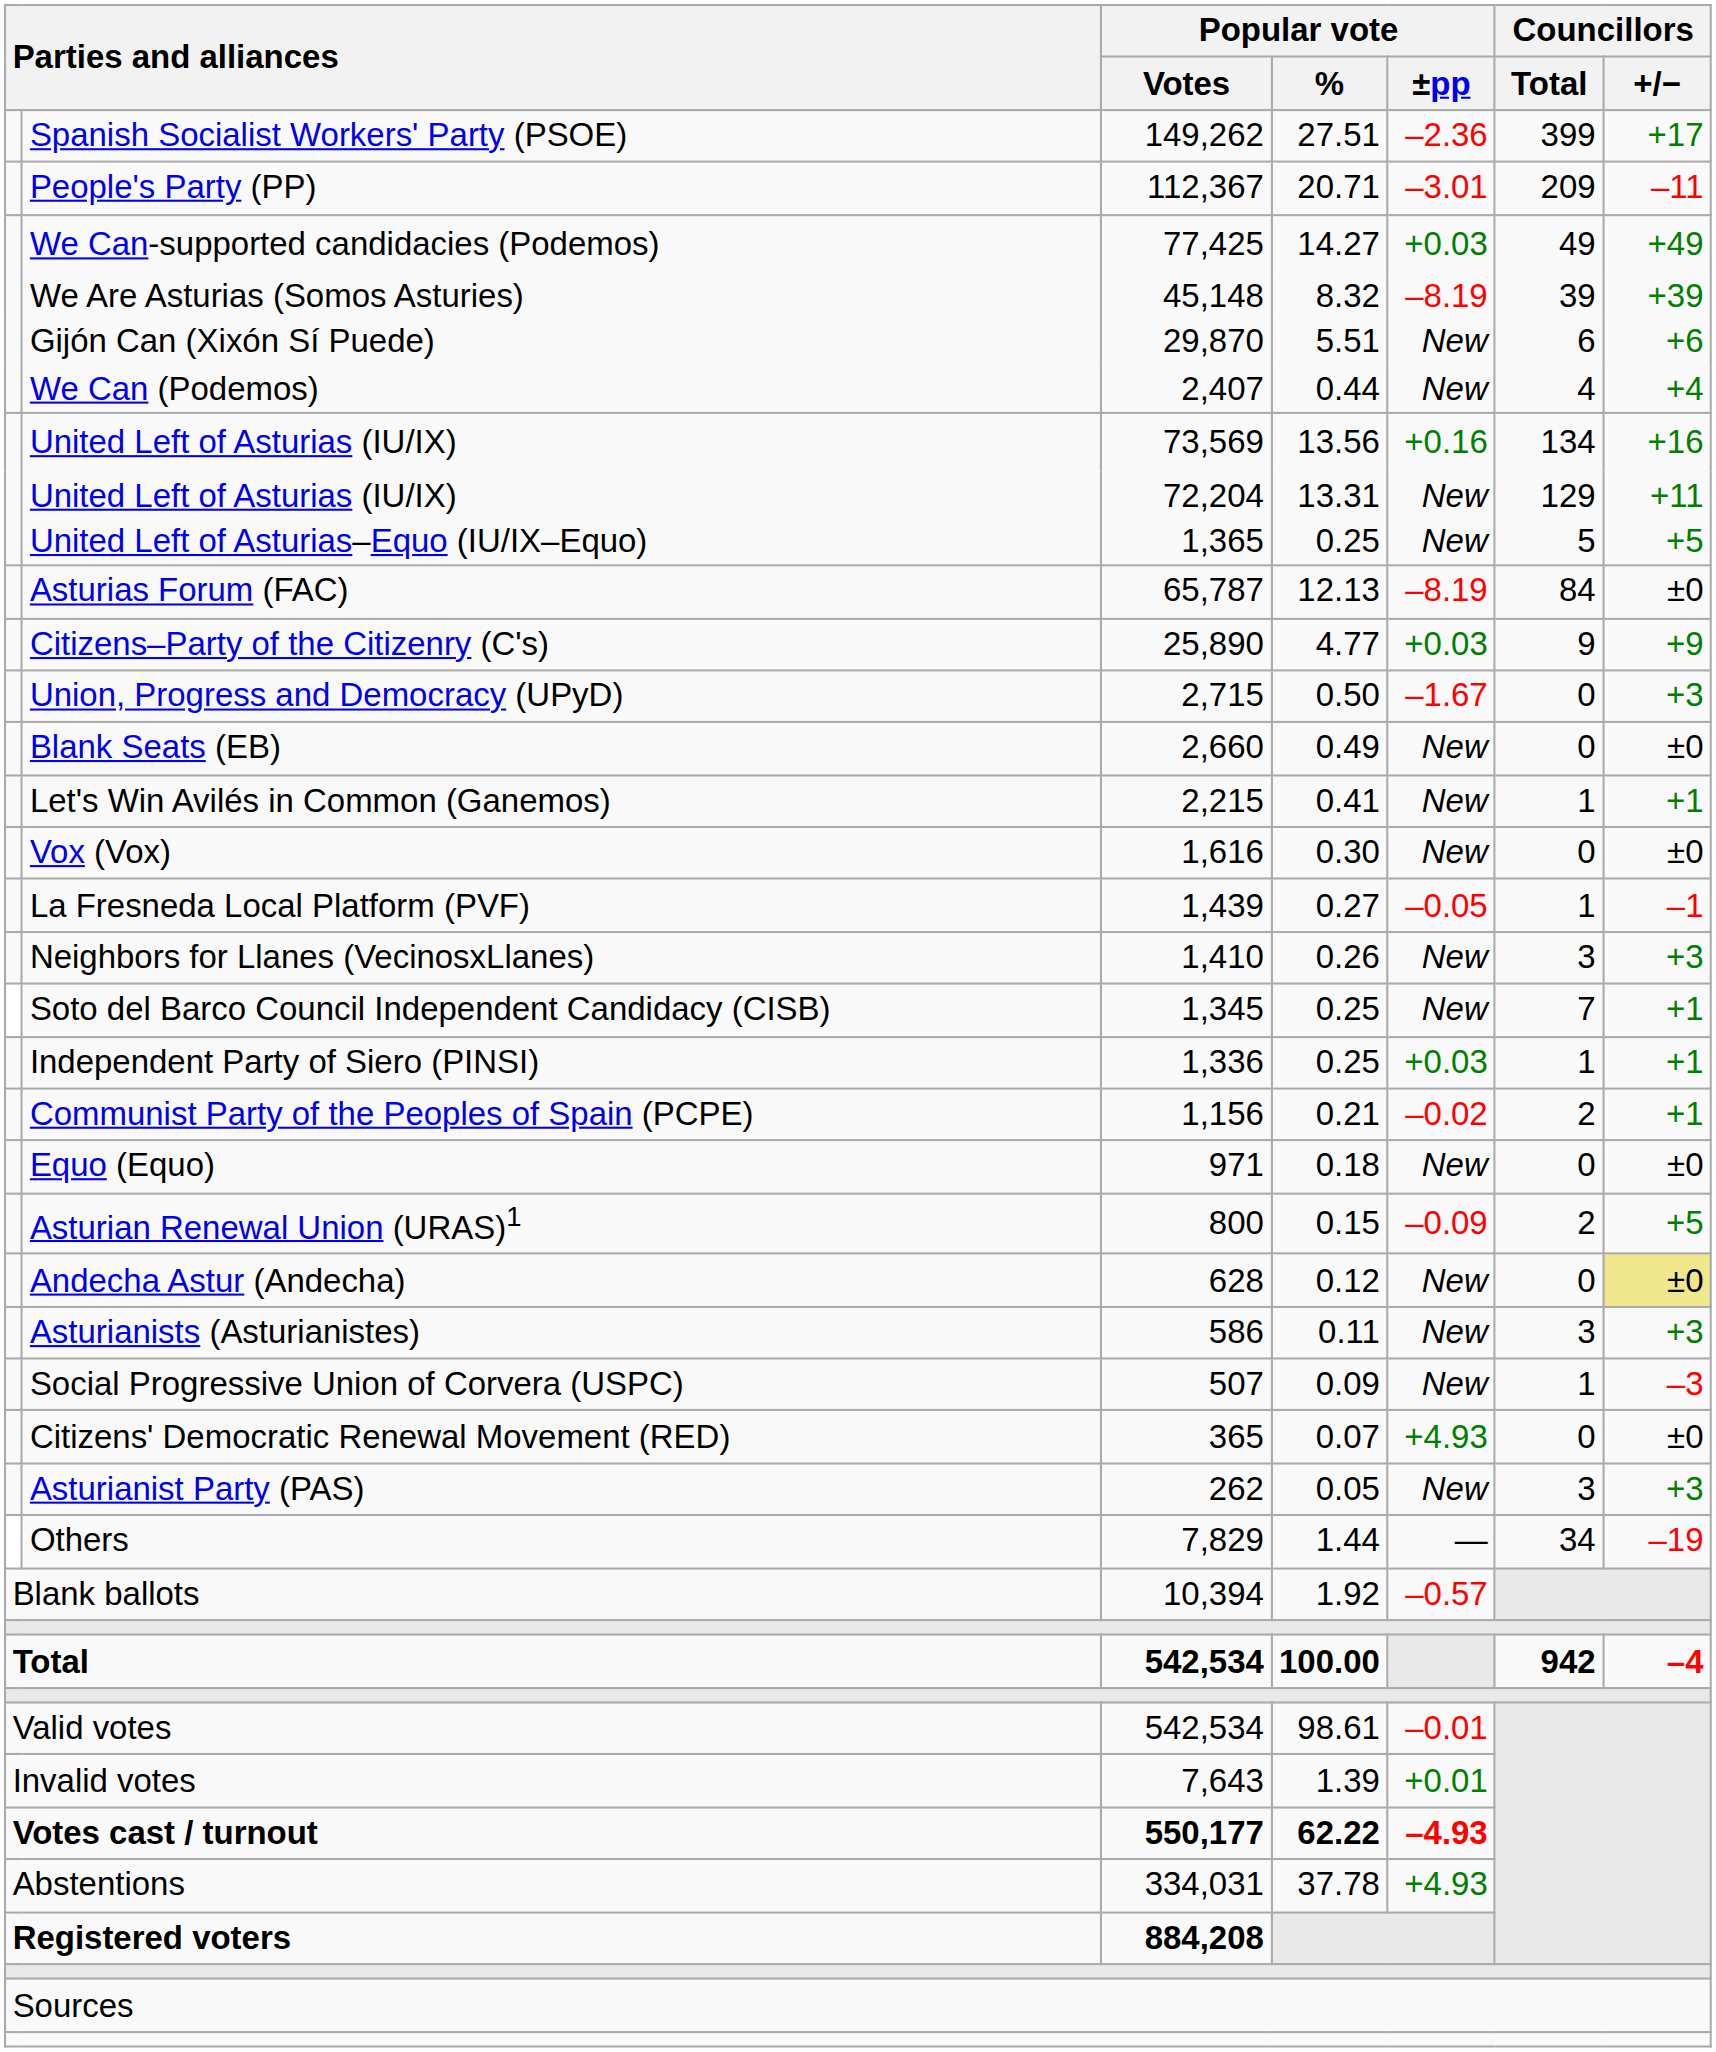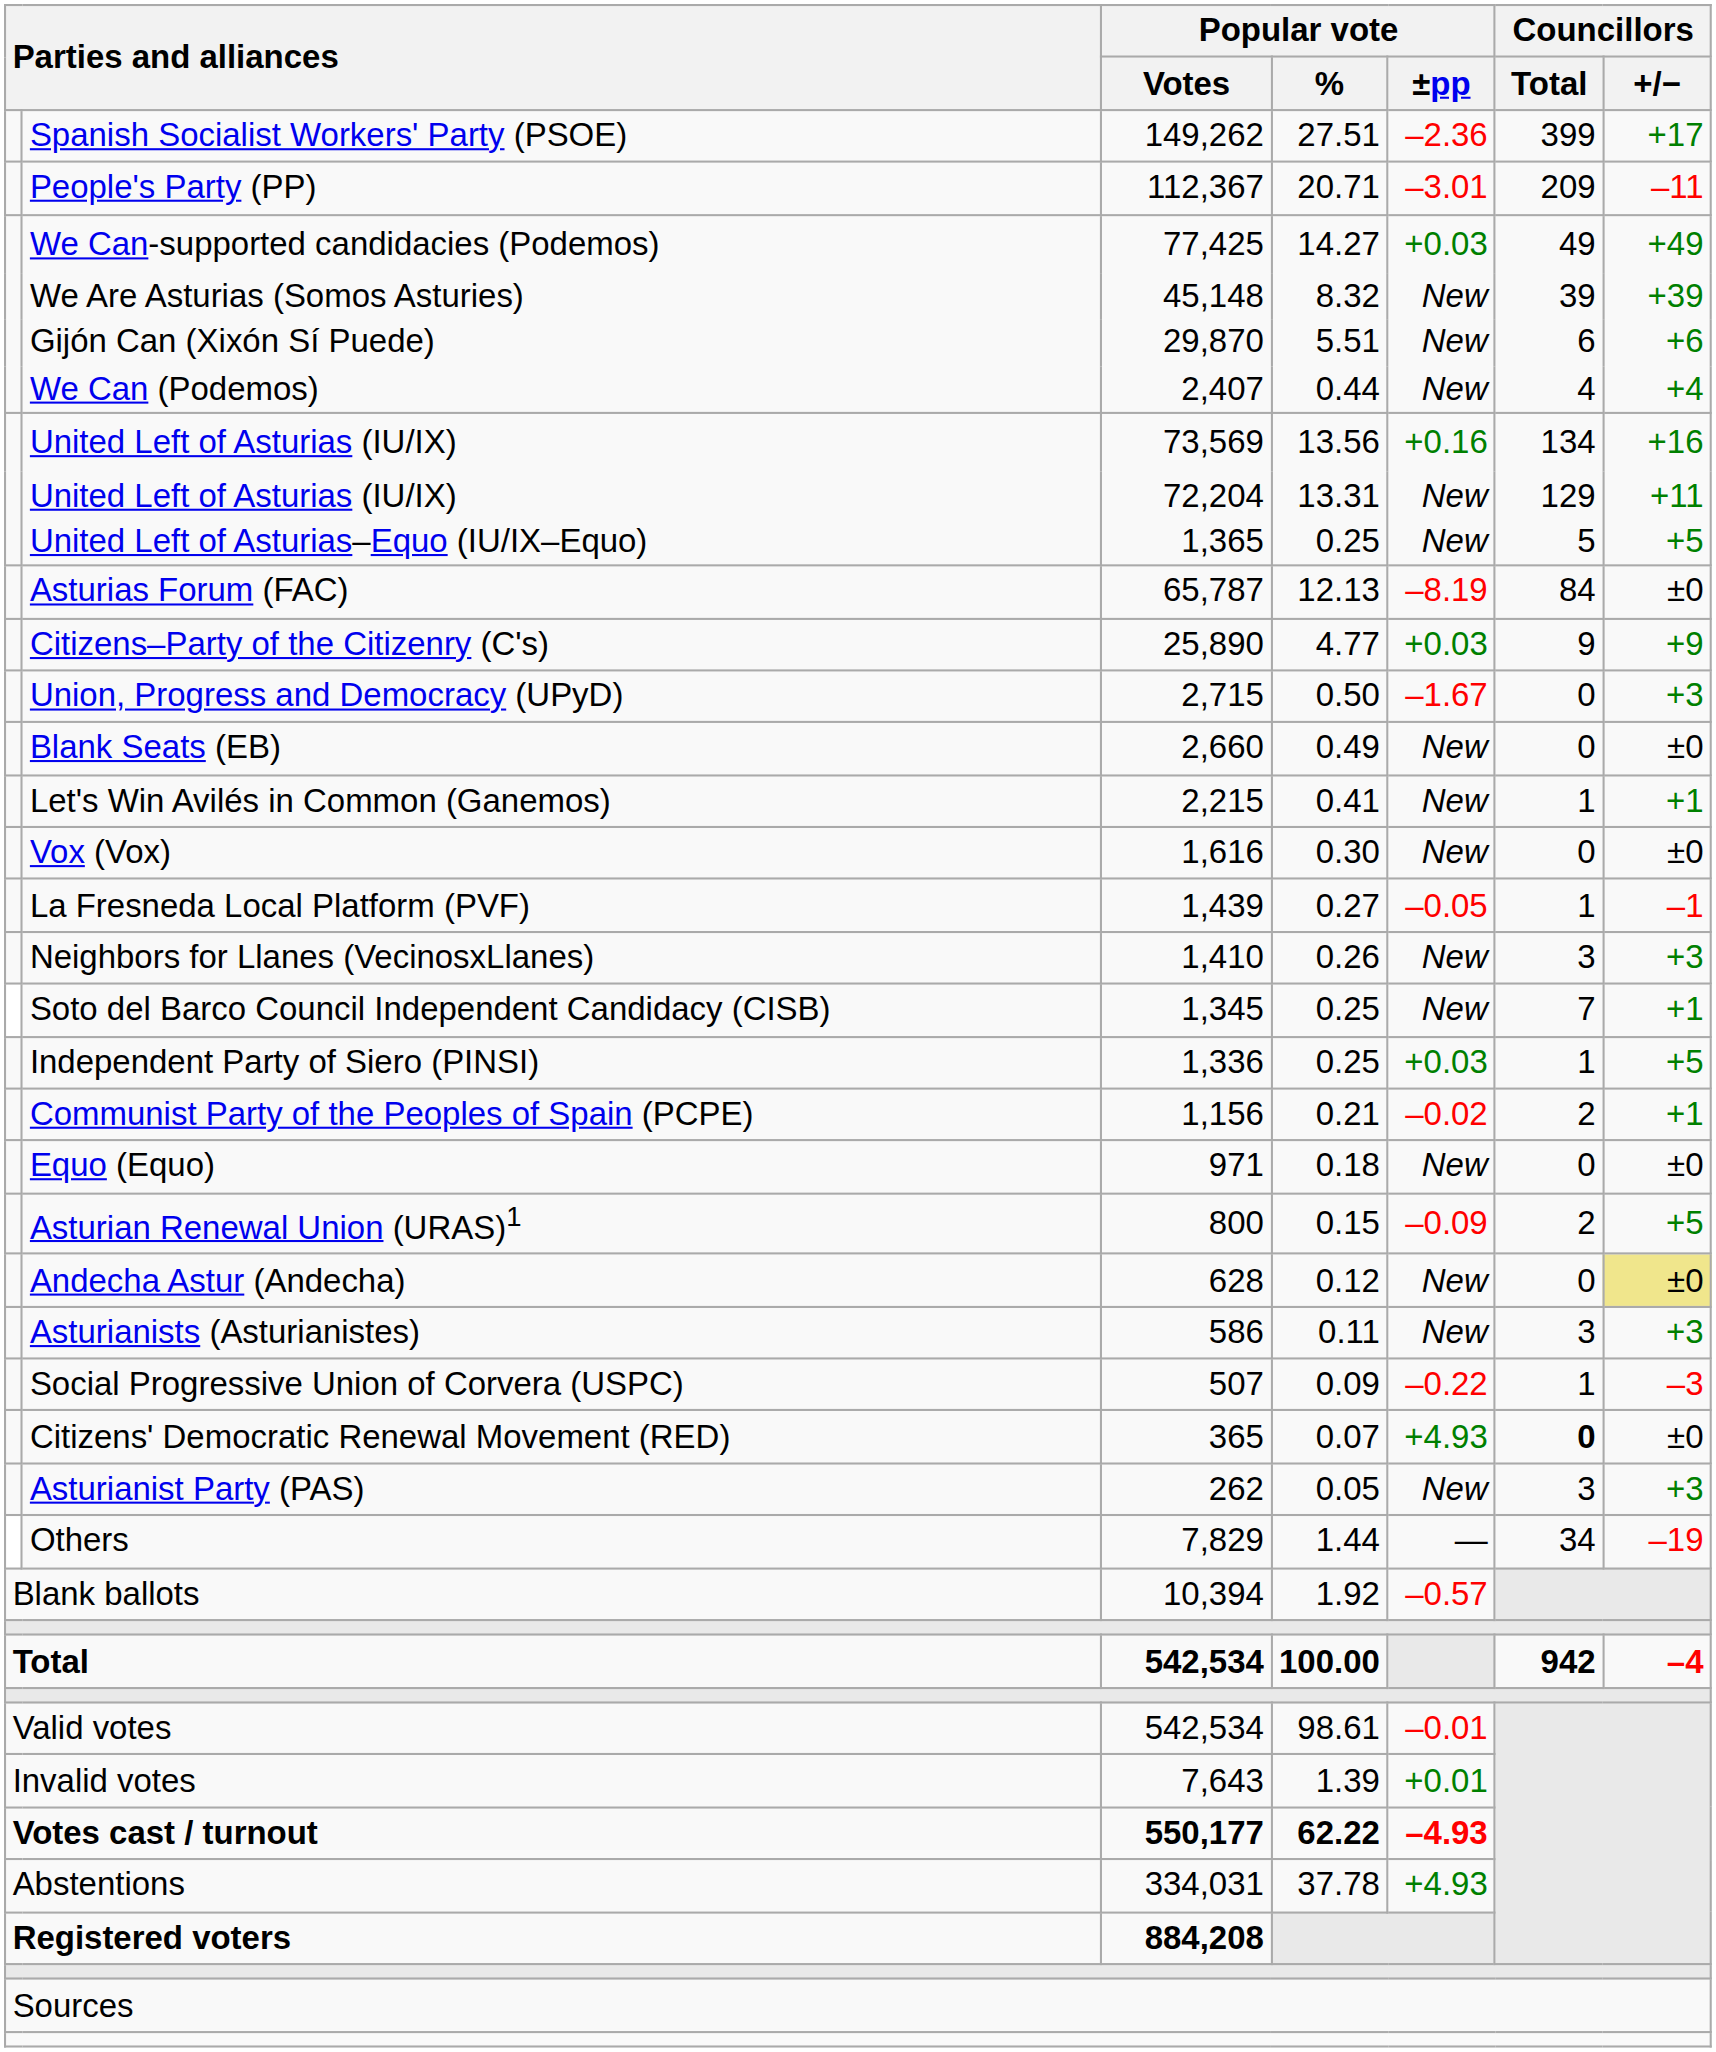 <table class="wikitable" style="text-align:right;">
 <tr>
 <th style="text-align:left;" rowspan="2" colspan="2" width="525">Parties and alliances</th>
 <th colspan="3">Popular vote</th>
 <th colspan="2">Councillors</th>
 </tr>
 <tr>
 <th width="75">Votes</th>
 <th width="45">%</th>
 <th width="45">±<a href='#'>pp</a></th>
 <th width="45">Total</th>
 <th width="45">+/−</th>
 </tr>
 <tr>
 <td width="1" style="color:inherit;background:"></td>
 <td align="left"><a href='#'>Spanish Socialist Workers' Party</a> (PSOE)</td>
 <td>149,262</td>
 <td>27.51</td>
 <td style="color:red;">–2.36</td>
 <td>399</td>
 <td style="color:green;">+17</td>
 </tr>
 <tr>
 <td style="color:inherit;background:"></td>
 <td align="left"><a href='#'>People's Party</a> (PP)</td>
 <td>112,367</td>
 <td>20.71</td>
 <td style="color:red;">–3.01</td>
 <td>209</td>
 <td style="color:red;">–11</td>
 </tr>
 <tr style="line-height:22px;">
 <td rowspan="4" style="color:inherit;background:"></td>
 <td align="left"><a href='#'>We Can</a>-supported candidacies (Podemos)</td>
 <td>77,425</td>
 <td>14.27</td>
 <td style="color:green;">+0.03</td>
 <td>49</td>
 <td style="color:green;">+49</td>
 </tr>
 <tr style="border-bottom-style:hidden; border-top-style:hidden; line-height:16px;">
 <td align="left"><span>We Are Asturias (Somos Asturies)</span></td>
 <td>45,148</td>
 <td>8.32</td>
-<td style="color:red;">–8.19</td>
+<td><em>New</em></td>
 <td>39</td>
 <td style="color:green;">+39</td>
 </tr>
 <tr style="border-bottom-style:hidden; line-height:16px;">
 <td align="left"><span>Gijón Can (Xixón Sí Puede)</span></td>
 <td>29,870</td>
 <td>5.51</td>
 <td><em>New</em></td>
 <td>6</td>
 <td style="color:green;">+6</td>
 </tr>
 <tr style="line-height:16px;">
 <td align="left"><span><a href='#'>We Can</a> (Podemos)</span></td>
 <td>2,407</td>
 <td>0.44</td>
 <td><em>New</em></td>
 <td>4</td>
 <td style="color:green;">+4</td>
 </tr>
 <tr style="line-height:22px;">
 <td rowspan="3" style="color:inherit;background:"></td>
 <td align="left"><a href='#'>United Left of Asturias</a> (IU/IX)</td>
 <td>73,569</td>
 <td>13.56</td>
 <td style="color:green;">+0.16</td>
 <td>134</td>
 <td style="color:green;">+16</td>
 </tr>
 <tr style="border-bottom-style:hidden; border-top-style:hidden; line-height:16px;">
 <td align="left"><span><a href='#'>United Left of Asturias</a> (IU/IX)</span></td>
 <td>72,204</td>
 <td>13.31</td>
 <td><em>New</em></td>
 <td>129</td>
 <td style="color:green;">+11</td>
 </tr>
 <tr style="line-height:16px;">
 <td align="left"><span><a href='#'>United Left of Asturias</a>–<a href='#'>Equo</a> (IU/IX–Equo)</span></td>
 <td>1,365</td>
 <td>0.25</td>
 <td><em>New</em></td>
 <td>5</td>
 <td style="color:green;">+5</td>
 </tr>
 <tr>
 <td style="color:inherit;background:"></td>
 <td align="left"><a href='#'>Asturias Forum</a> (FAC)</td>
 <td>65,787</td>
 <td>12.13</td>
 <td style="color:red;">–8.19</td>
 <td>84</td>
 <td>±0</td>
 </tr>
 <tr>
 <td style="color:inherit;background:"></td>
 <td align="left"><a href='#'>Citizens–Party of the Citizenry</a> (C's)</td>
 <td>25,890</td>
 <td>4.77</td>
 <td style="color:green;">+0.03</td>
 <td>9</td>
 <td style="color:green;">+9</td>
 </tr>
 <tr>
 <td style="color:inherit;background:"></td>
 <td align="left"><a href='#'>Union, Progress and Democracy</a> (UPyD)</td>
 <td>2,715</td>
 <td>0.50</td>
 <td style="color:red;">–1.67</td>
 <td>0</td>
 <td style="color:green;">+3</td>
 </tr>
 <tr>
 <td style="color:inherit;background:"></td>
 <td align="left"><a href='#'>Blank Seats</a> (EB)</td>
 <td>2,660</td>
 <td>0.49</td>
 <td><em>New</em></td>
 <td>0</td>
 <td>±0</td>
 </tr>
 <tr>
 <td style="color:inherit;background:"></td>
 <td align="left">Let's Win Avilés in Common (Ganemos)</td>
 <td>2,215</td>
 <td>0.41</td>
 <td><em>New</em></td>
 <td>1</td>
 <td style="color:green;">+1</td>
 </tr>
 <tr>
 <td style="color:inherit;background:"></td>
 <td align="left"><a href='#'>Vox</a> (Vox)</td>
 <td>1,616</td>
 <td>0.30</td>
 <td><em>New</em></td>
 <td>0</td>
 <td>±0</td>
 </tr>
 <tr>
 <td style="color:inherit;background:"></td>
 <td align="left">La Fresneda Local Platform (PVF)</td>
 <td>1,439</td>
 <td>0.27</td>
 <td style="color:red;">–0.05</td>
 <td>1</td>
 <td style="color:red;">–1</td>
 </tr>
 <tr>
 <td style="color:inherit;background:"></td>
 <td align="left">Neighbors for Llanes (VecinosxLlanes)</td>
 <td>1,410</td>
 <td>0.26</td>
 <td><em>New</em></td>
 <td>3</td>
 <td style="color:green;">+3</td>
 </tr>
 <tr>
 <td bgcolor="white"></td>
 <td align="left">Soto del Barco Council Independent Candidacy (CISB)</td>
 <td>1,345</td>
 <td>0.25</td>
 <td><em>New</em></td>
 <td>7</td>
 <td style="color:green;">+1</td>
 </tr>
 <tr>
 <td style="color:inherit;background:"></td>
 <td align="left">Independent Party of Siero (PINSI)</td>
 <td>1,336</td>
 <td>0.25</td>
 <td style="color:green;">+0.03</td>
 <td>1</td>
-<td style="color:green;">+1</td>
+<td style="color:green;">+5</td>
 </tr>
 <tr>
 <td style="color:inherit;background:"></td>
 <td align="left"><a href='#'>Communist Party of the Peoples of Spain</a> (PCPE)</td>
 <td>1,156</td>
 <td>0.21</td>
 <td style="color:red;">–0.02</td>
 <td>2</td>
 <td style="color:green;">+1</td>
 </tr>
 <tr>
 <td style="color:inherit;background:"></td>
 <td align="left"><a href='#'>Equo</a> (Equo)</td>
 <td>971</td>
 <td>0.18</td>
 <td><em>New</em></td>
 <td>0</td>
 <td>±0</td>
 </tr>
 <tr>
 <td style="color:inherit;background:"></td>
 <td align="left"><a href='#'>Asturian Renewal Union</a> (URAS)<sup>1</sup></td>
 <td>800</td>
 <td>0.15</td>
 <td style="color:red;">–0.09</td>
 <td>2</td>
 <td style="color:green;">+5</td>
 </tr>
 <tr>
 <td style="color:inherit;background:"></td>
 <td align="left"><a href='#'>Andecha Astur</a> (Andecha)</td>
 <td>628</td>
 <td>0.12</td>
 <td><em>New</em></td>
 <td>0</td>
 <td style="background: khaki;">±0</td>
 </tr>
 <tr>
 <td style="color:inherit;background:"></td>
 <td align="left"><a href='#'>Asturianists</a> (Asturianistes)</td>
 <td>586</td>
 <td>0.11</td>
 <td><em>New</em></td>
 <td>3</td>
 <td style="color:green;">+3</td>
 </tr>
 <tr>
 <td style="color:inherit;background:"></td>
 <td align="left">Social Progressive Union of Corvera (USPC)</td>
 <td>507</td>
 <td>0.09</td>
-<td><em>New</em></td>
+<td style="color:red;">–0.22</td>
 <td>1</td>
 <td style="color:red;">–3</td>
 </tr>
 <tr>
 <td style="color:inherit;background:"></td>
 <td align="left">Citizens' Democratic Renewal Movement (RED)</td>
 <td>365</td>
 <td>0.07</td>
 <td style="color:green;">+4.93</td>
-<td>0</td>
+<td><strong>0</strong></td>
 <td>±0</td>
 </tr>
 <tr>
 <td style="color:inherit;background:"></td>
 <td align="left"><a href='#'>Asturianist Party</a> (PAS)</td>
 <td>262</td>
 <td>0.05</td>
 <td><em>New</em></td>
 <td>3</td>
 <td style="color:green;">+3</td>
 </tr>
 <tr>
 <td bgcolor="white"></td>
 <td align="left">Others</td>
 <td>7,829</td>
 <td>1.44</td>
 <td>—</td>
 <td>34</td>
 <td style="color:red;">–19</td>
 </tr>
 <tr>
 <td align="left" colspan="2">Blank ballots</td>
 <td>10,394</td>
 <td>1.92</td>
 <td style="color:red;">–0.57</td>
 <td bgcolor="#E9E9E9" colspan="2"></td>
 </tr>
 <tr>
 <td colspan="7" bgcolor="#E9E9E9"></td>
 </tr>
 <tr style="font-weight:bold;">
 <td align="left" colspan="2">Total</td>
 <td>542,534</td>
 <td>100.00</td>
 <td bgcolor="#E9E9E9"></td>
 <td>942</td>
 <td style="color:red;">–4</td>
 </tr>
 <tr>
 <td colspan="7" bgcolor="#E9E9E9"></td>
 </tr>
 <tr>
 <td align="left" colspan="2">Valid votes</td>
 <td>542,534</td>
 <td>98.61</td>
 <td style="color:red;">–0.01</td>
 <td bgcolor="#E9E9E9" colspan="2" rowspan="5"></td>
 </tr>
 <tr>
 <td align="left" colspan="2">Invalid votes</td>
 <td>7,643</td>
 <td>1.39</td>
 <td style="color:green;">+0.01</td>
 </tr>
 <tr style="font-weight:bold;">
 <td align="left" colspan="2">Votes cast / turnout</td>
 <td>550,177</td>
 <td>62.22</td>
 <td style="color:red;">–4.93</td>
 </tr>
 <tr>
 <td align="left" colspan="2">Abstentions</td>
 <td>334,031</td>
 <td>37.78</td>
 <td style="color:green;">+4.93</td>
 </tr>
 <tr style="font-weight:bold;">
 <td align="left" colspan="2">Registered voters</td>
 <td>884,208</td>
 <td bgcolor="#E9E9E9" colspan="2"></td>
 </tr>
 <tr>
 <td colspan="7" bgcolor="#E9E9E9"></td>
 </tr>
 <tr>
 <td align="left" colspan="7">Sources</td>
 </tr>
 <tr>
 <td colspan="7" style="text-align:left; max-width:790px;"></td>
 </tr>
 </table>
